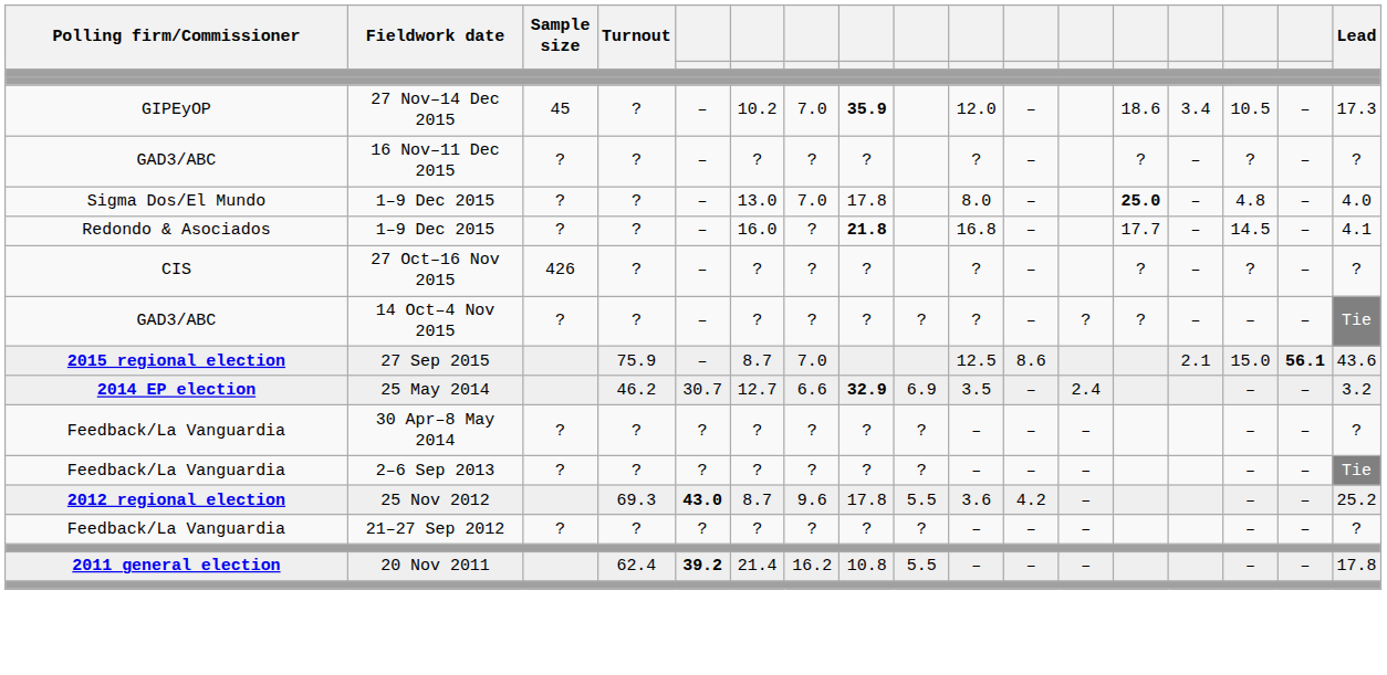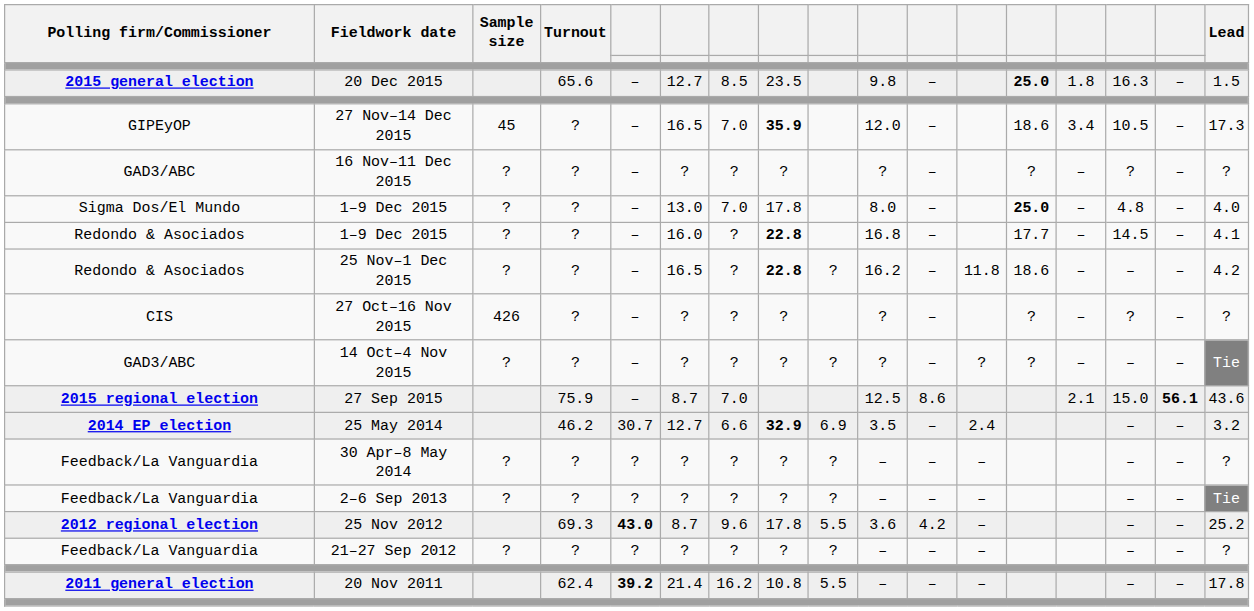 <table class="wikitable collapsible collapsed" style="text-align:center; font-size:95%; line-height:16px;">
 <tr style="height:42px; background-color:#E9E9E9">
 <th style="width:250px;" rowspan="2">Polling firm/Commissioner</th>
 <th style="width:125px;" rowspan="2">Fieldwork date</th>
 <th style="width:50px;" rowspan="2">Sample size</th>
 <th style="width:45px;" rowspan="2">Turnout</th>
 <th style="width:35px;"></th>
 <th style="width:35px;"></th>
 <th style="width:35px;"></th>
 <th style="width:35px;"></th>
 <th style="width:35px;"></th>
 <th style="width:35px;"></th>
 <th style="width:35px;"></th>
 <th style="width:35px;"></th>
 <th style="width:35px;"><br></th>
 <th style="width:35px;"></th>
 <th style="width:35px;"></th>
 <th style="width:35px;"></th>
 <th style="width:30px;" rowspan="2">Lead</th>
 </tr>
 <tr>
 <th style="color:inherit;background:"></th>
 <th style="color:inherit;background:"></th>
 <th style="color:inherit;background:"></th>
 <th style="color:inherit;background:"></th>
 <th style="color:inherit;background:"></th>
 <th style="color:inherit;background:"></th>
 <th style="color:inherit;background:"></th>
 <th style="color:inherit;background:"></th>
 <th style="color:inherit;background:"></th>
 <th style="color:inherit;background:"></th>
 <th style="color:inherit;background:"></th>
 <th style="color:inherit;background:"></th>
 </tr>
 <tr>
 <td colspan="17" style="background:#A0A0A0"></td>
 </tr>
+<tr style="background:#EFEFEF;">
+<td><strong><a href='#'>2015 general election</a></strong></td>
+<td>20 Dec 2015</td>
+<td></td>
+<td>65.6</td>
+<td>–</td>
+<td>12.7<br></td>
+<td>8.5<br></td>
+<td>23.5<br></td>
+<td></td>
+<td>9.8<br></td>
+<td>–</td>
+<td></td>
+<td><strong>25.0</strong><br></td>
+<td>1.8<br></td>
+<td>16.3<br></td>
+<td>–</td>
+<td style="background:">1.5</td>
+</tr>
 <tr>
 <td colspan="17" style="background:#A0A0A0"></td>
 </tr>
 <tr>
 <td>GIPEyOP</td>
 <td>27 Nov–14 Dec 2015</td>
 <td>45</td>
 <td>?</td>
 <td>–</td>
-<td>10.2<br></td>
+<td>16.5<br></td>
 <td>7.0<br></td>
 <td><strong>35.9</strong><br></td>
 <td></td>
 <td>12.0<br></td>
 <td>–</td>
 <td></td>
 <td>18.6<br></td>
 <td>3.4<br></td>
 <td>10.5<br></td>
 <td>–</td>
 <td style="background:">17.3</td>
 </tr>
 <tr>
 <td>GAD3/ABC</td>
 <td>16 Nov–11 Dec 2015</td>
 <td>?</td>
 <td>?</td>
 <td>–</td>
 <td>?<br></td>
 <td>?<br></td>
 <td>?<br></td>
 <td></td>
 <td>?<br></td>
 <td>–</td>
 <td></td>
 <td>?<br></td>
 <td>–</td>
 <td>?<br></td>
 <td>–</td>
 <td style="background:">?</td>
 </tr>
 <tr>
 <td>Sigma Dos/El Mundo</td>
 <td>1–9 Dec 2015</td>
 <td>?</td>
 <td>?</td>
 <td>–</td>
 <td>13.0<br></td>
 <td>7.0<br></td>
 <td>17.8<br></td>
 <td></td>
 <td>8.0<br></td>
 <td>–</td>
 <td></td>
 <td><strong>25.0</strong><br></td>
 <td>–</td>
 <td>4.8<br></td>
 <td>–</td>
 <td style="background:">4.0</td>
 </tr>
 <tr>
 <td>Redondo & Asociados</td>
 <td>1–9 Dec 2015</td>
 <td>?</td>
 <td>?</td>
 <td>–</td>
 <td>16.0<br></td>
 <td>?<br></td>
-<td><strong>21.8</strong><br></td>
+<td><strong>22.8</strong><br></td>
 <td></td>
 <td>16.8<br></td>
 <td>–</td>
 <td></td>
 <td>17.7<br></td>
 <td>–</td>
 <td>14.5<br></td>
 <td>–</td>
 <td style="background:">4.1</td>
+</tr>
+<tr>
+<td>Redondo & Asociados</td>
+<td>25 Nov–1 Dec 2015</td>
+<td>?</td>
+<td>?</td>
+<td>–</td>
+<td>16.5<br></td>
+<td>?<br></td>
+<td><strong>22.8</strong><br></td>
+<td>?<br></td>
+<td>16.2<br></td>
+<td>–</td>
+<td>11.8<br></td>
+<td>18.6<br></td>
+<td>–</td>
+<td>–</td>
+<td>–</td>
+<td style="background:">4.2</td>
 </tr>
 <tr>
 <td>CIS</td>
 <td>27 Oct–16 Nov 2015</td>
 <td>426</td>
 <td>?</td>
 <td>–</td>
 <td>?<br></td>
 <td>?<br></td>
 <td>?<br></td>
 <td></td>
 <td>?<br></td>
 <td>–</td>
 <td></td>
 <td>?<br></td>
 <td>–</td>
 <td>?<br></td>
 <td>–</td>
 <td style="background:">?</td>
 </tr>
 <tr>
 <td>GAD3/ABC</td>
 <td>14 Oct–4 Nov 2015</td>
 <td>?</td>
 <td>?</td>
 <td>–</td>
 <td>?<br></td>
 <td>?<br></td>
 <td>?<br></td>
 <td>?<br></td>
 <td>?<br></td>
 <td>–</td>
 <td>?<br></td>
 <td>?<br></td>
 <td>–</td>
 <td>–</td>
 <td>–</td>
 <td style="background:gray;color:white;">Tie</td>
 </tr>
 <tr style="background:#EFEFEF;">
 <td><strong><a href='#'>2015 regional election</a></strong></td>
 <td>27 Sep 2015</td>
 <td></td>
 <td>75.9</td>
 <td>–</td>
 <td>8.7<br></td>
 <td>7.0<br></td>
 <td></td>
 <td></td>
 <td>12.5<br></td>
 <td>8.6<br></td>
 <td></td>
 <td></td>
 <td>2.1<br></td>
 <td>15.0<br></td>
 <td><strong>56.1</strong><br></td>
 <td style="background:">43.6</td>
 </tr>
 <tr style="background:#EFEFEF;">
 <td><strong><a href='#'>2014 EP election</a></strong></td>
 <td>25 May 2014</td>
 <td></td>
 <td>46.2</td>
 <td>30.7<br></td>
 <td>12.7<br></td>
 <td>6.6<br></td>
 <td><strong>32.9</strong><br></td>
 <td>6.9<br></td>
 <td>3.5<br></td>
 <td>–</td>
 <td>2.4<br></td>
 <td></td>
 <td></td>
 <td>–</td>
 <td>–</td>
 <td style="background:">3.2</td>
 </tr>
 <tr>
 <td>Feedback/La Vanguardia</td>
 <td>30 Apr–8 May 2014</td>
 <td>?</td>
 <td>?</td>
 <td>?<br></td>
 <td>?<br></td>
 <td>?<br></td>
 <td>?<br></td>
 <td>?<br></td>
 <td>–</td>
 <td>–</td>
 <td>–</td>
 <td></td>
 <td></td>
 <td>–</td>
 <td>–</td>
 <td style="background:">?</td>
 </tr>
 <tr>
 <td>Feedback/La Vanguardia</td>
 <td>2–6 Sep 2013</td>
 <td>?</td>
 <td>?</td>
 <td>?<br></td>
 <td>?<br></td>
 <td>?<br></td>
 <td>?<br></td>
 <td>?<br></td>
 <td>–</td>
 <td>–</td>
 <td>–</td>
 <td></td>
 <td></td>
 <td>–</td>
 <td>–</td>
 <td style="background:gray;color:white;">Tie</td>
 </tr>
 <tr style="background:#EFEFEF;">
 <td><strong><a href='#'>2012 regional election</a></strong></td>
 <td>25 Nov 2012</td>
 <td></td>
 <td>69.3</td>
 <td><strong>43.0</strong><br></td>
 <td>8.7<br></td>
 <td>9.6<br></td>
 <td>17.8<br></td>
 <td>5.5<br></td>
 <td>3.6<br></td>
 <td>4.2<br></td>
 <td>–</td>
 <td></td>
 <td></td>
 <td>–</td>
 <td>–</td>
 <td style="background:">25.2</td>
 </tr>
 <tr>
 <td>Feedback/La Vanguardia</td>
 <td>21–27 Sep 2012</td>
 <td>?</td>
 <td>?</td>
 <td>?<br></td>
 <td>?<br></td>
 <td>?<br></td>
 <td>?<br></td>
 <td>?<br></td>
 <td>–</td>
 <td>–</td>
 <td>–</td>
 <td></td>
 <td></td>
 <td>–</td>
 <td>–</td>
 <td style="background:">?</td>
 </tr>
 <tr>
 <td colspan="17" style="background:#A0A0A0"></td>
 </tr>
 <tr style="background:#EFEFEF;">
 <td><strong><a href='#'>2011 general election</a></strong></td>
 <td>20 Nov 2011</td>
 <td></td>
 <td>62.4</td>
 <td><strong>39.2</strong><br></td>
 <td>21.4<br></td>
 <td>16.2<br></td>
 <td>10.8<br></td>
 <td>5.5<br></td>
 <td>–</td>
 <td>–</td>
 <td>–</td>
 <td></td>
 <td></td>
 <td>–</td>
 <td>–</td>
 <td style="background:">17.8</td>
 </tr>
 <tr>
 <td colspan="17" style="background:#A0A0A0"></td>
 </tr>
 </table>
